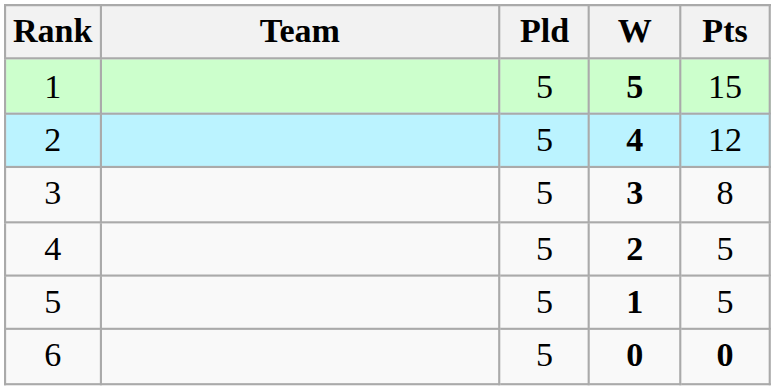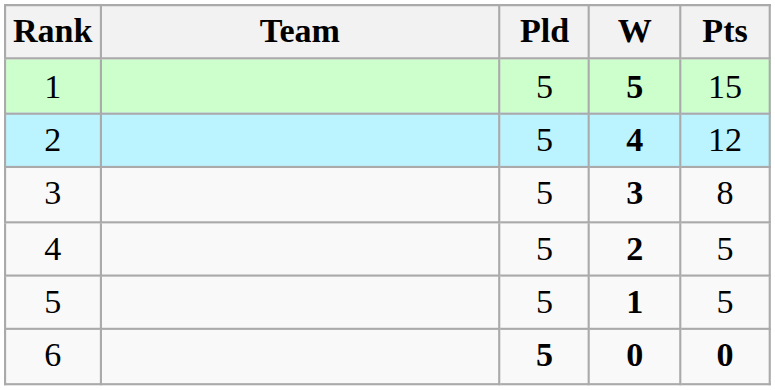 <table class="wikitable">
 <tr>
 </tr>
 <tr>
 <th style="width:35px;">Rank</th>
 <th style="width:180px;">Team</th>
 <th style="width:35px;">Pld</th>
 <th style="width:35px;">W</th>
 <th style="width:35px;">Pts</th>
 </tr>
 <tr bgcolor=#ccffcc>
 <td align=center>1</td>
 <td></td>
 <td align=center>5</td>
 <td align=center><strong>5</strong></td>
 <td align=center>15</td>
 </tr>
 <tr bgcolor=#bbf3ff>
 <td align=center>2</td>
 <td></td>
 <td align=center>5</td>
 <td align=center><strong>4</strong></td>
 <td align=center>12</td>
 </tr>
 <tr>
 <td align=center>3</td>
 <td></td>
 <td align=center>5</td>
 <td align=center><strong>3</strong></td>
 <td align=center>8</td>
 </tr>
 <tr>
 <td align=center>4</td>
 <td></td>
 <td align=center>5</td>
 <td align=center><strong>2</strong></td>
 <td align=center>5</td>
 </tr>
 <tr>
 <td align=center>5</td>
 <td></td>
 <td align=center>5</td>
 <td align=center><strong>1</strong></td>
 <td align=center>5</td>
 </tr>
 <tr>
 <td align=center>6</td>
 <td></td>
-<td align=center>5</td>
+<td align=center><strong>5</strong></td>
 <td align=center><strong>0</strong></td>
 <td align=center><strong>0</strong></td>
 </tr>
 </table>
